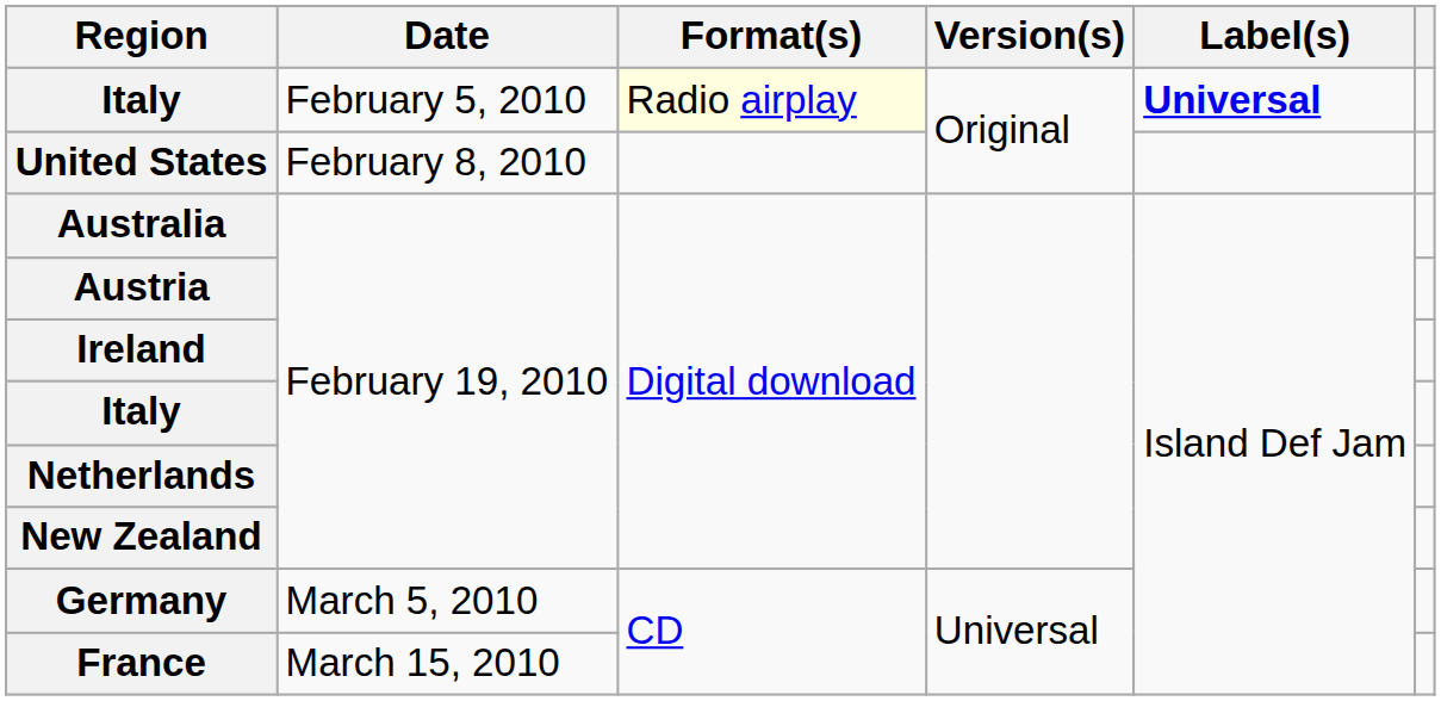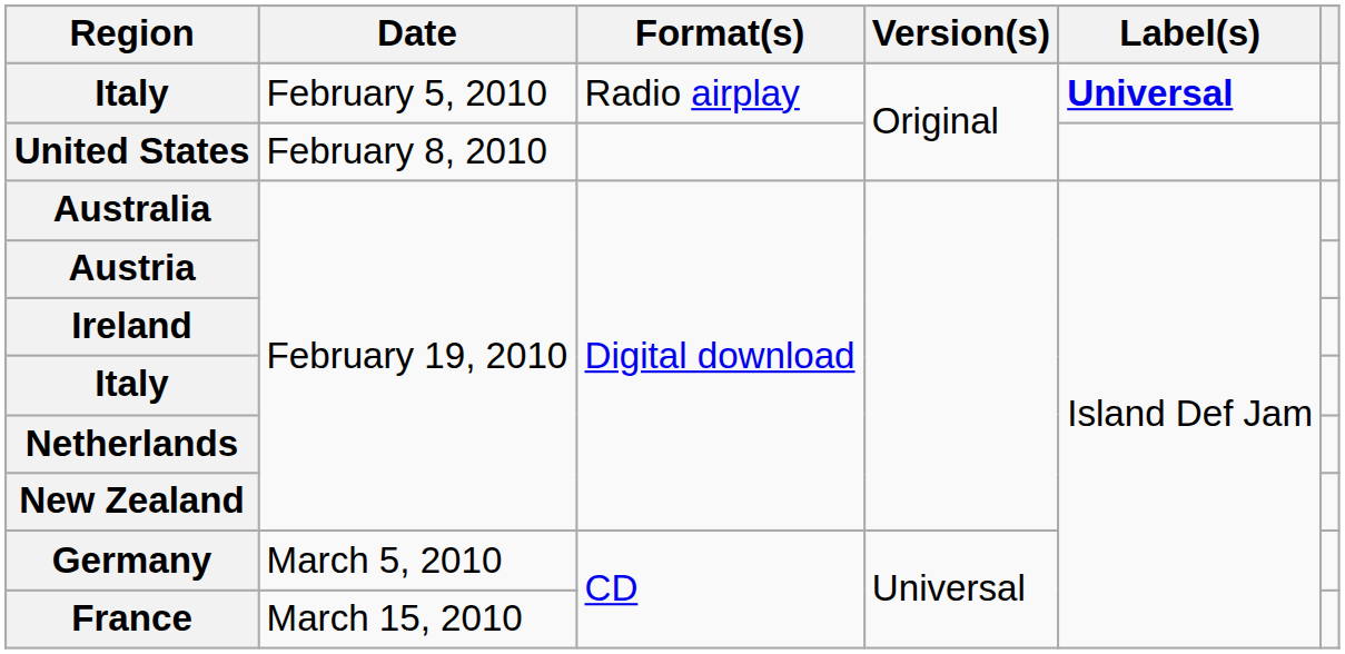 <table class="wikitable plainrowheaders">
 <tr>
 <th scope="col">Region</th>
 <th scope="col">Date</th>
 <th scope="col">Format(s)</th>
 <th scope="col">Version(s)</th>
 <th scope="col">Label(s)</th>
 <th scope="col"></th>
 </tr>
 <tr>
 <th scope="row">Italy</th>
 <td>February 5, 2010</td>
-<td style="background: lightyellow;">Radio <a href='#'>airplay</a></td>
+<td>Radio <a href='#'>airplay</a></td>
 <td rowspan="2">Original</td>
 <td><strong><a href='#'>Universal</a></strong></td>
 <td align="center"></td>
 </tr>
 <tr>
 <th scope="row">United States</th>
 <td>February 8, 2010</td>
 <td></td>
 <td></td>
 <td align="center"></td>
 </tr>
 <tr>
 <th scope="row">Australia</th>
 <td rowspan="6">February 19, 2010</td>
 <td rowspan="6"><a href='#'>Digital download</a></td>
 <td rowspan="6"></td>
 <td rowspan="8">Island Def Jam</td>
 <td align="center"></td>
 </tr>
 <tr>
 <th scope="row">Austria</th>
 <td align="center"></td>
 </tr>
 <tr>
 <th scope="row">Ireland</th>
 <td align="center"></td>
 </tr>
 <tr>
 <th scope="row">Italy</th>
 <td align="center"></td>
 </tr>
 <tr>
 <th scope="row">Netherlands</th>
 <td align="center"></td>
 </tr>
 <tr>
 <th scope="row">New Zealand</th>
 <td align="center"></td>
 </tr>
 <tr>
 <th scope="row">Germany</th>
 <td>March 5, 2010</td>
 <td rowspan="2"><a href='#'>CD</a></td>
 <td rowspan="2">Universal</td>
 <td align="center"></td>
 </tr>
 <tr>
 <th scope="row">France</th>
 <td>March 15, 2010</td>
 <td align="center"></td>
 </tr>
 </table>
